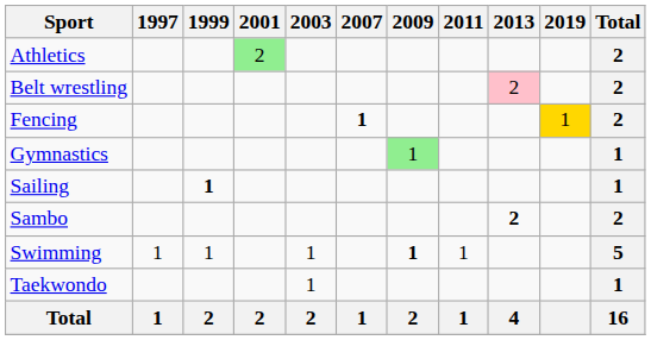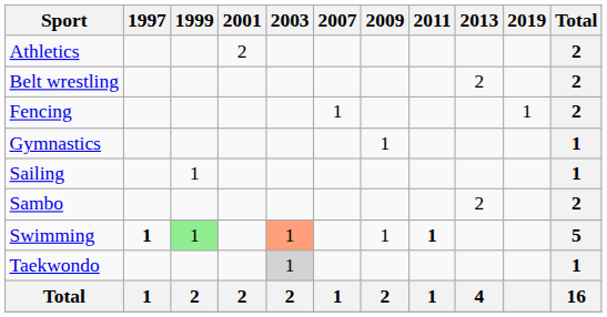 <table class="wikitable sortable">
 <tr>
 <th>Sport</th>
 <th>1997</th>
 <th>1999</th>
 <th>2001</th>
 <th>2003</th>
 <th>2007</th>
 <th>2009</th>
 <th>2011</th>
 <th>2013</th>
 <th>2019</th>
 <th>Total</th>
 </tr>
 <tr>
 <td><a href='#'>Athletics</a></td>
 <td></td>
 <td></td>
-<td align=center style="background: lightgreen;">2</td>
+<td align=center>2</td>
 <td></td>
 <td></td>
 <td></td>
 <td></td>
 <td></td>
 <td></td>
 <th>2</th>
 </tr>
 <tr>
 <td><a href='#'>Belt wrestling</a></td>
 <td></td>
 <td></td>
 <td></td>
 <td></td>
 <td></td>
 <td></td>
 <td></td>
-<td align=center style="background: pink;">2</td>
+<td align=center>2</td>
 <td></td>
 <th>2</th>
 </tr>
 <tr>
 <td><a href='#'>Fencing</a></td>
 <td></td>
 <td></td>
 <td></td>
 <td></td>
-<td align=center><strong>1</strong></td>
+<td align=center>1</td>
 <td></td>
 <td></td>
 <td></td>
-<td align=center style="background: gold;">1</td>
+<td align=center>1</td>
 <th>2</th>
 </tr>
 <tr>
 <td><a href='#'>Gymnastics</a></td>
 <td></td>
 <td></td>
 <td></td>
 <td></td>
 <td></td>
-<td align=center style="background: lightgreen;">1</td>
+<td align=center>1</td>
 <td></td>
 <td></td>
 <td></td>
 <th>1</th>
 </tr>
 <tr>
 <td><a href='#'>Sailing</a></td>
 <td></td>
-<td align=center><strong>1</strong></td>
+<td align=center>1</td>
 <td></td>
 <td></td>
 <td></td>
 <td></td>
 <td></td>
 <td></td>
 <td></td>
 <th>1</th>
 </tr>
 <tr>
 <td><a href='#'>Sambo</a></td>
 <td></td>
 <td></td>
 <td></td>
 <td></td>
 <td></td>
 <td></td>
 <td></td>
-<td align=center><strong>2</strong></td>
+<td align=center>2</td>
 <td></td>
 <th>2</th>
 </tr>
 <tr>
 <td><a href='#'>Swimming</a></td>
-<td align=center>1</td>
-<td align=center>1</td>
+<td align=center><strong>1</strong></td>
+<td align=center style="background: lightgreen;">1</td>
+<td></td>
+<td align=center style="background: lightsalmon;">1</td>
 <td></td>
 <td align=center>1</td>
-<td></td>
 <td align=center><strong>1</strong></td>
-<td align=center>1</td>
 <td></td>
 <td></td>
 <th>5</th>
 </tr>
 <tr>
 <td><a href='#'>Taekwondo</a></td>
 <td></td>
 <td></td>
 <td></td>
-<td align=center>1</td>
+<td align=center style="background: lightgrey;">1</td>
 <td></td>
 <td></td>
 <td></td>
 <td></td>
 <td></td>
 <th>1</th>
 </tr>
 <tr>
 <th>Total</th>
 <th>1</th>
 <th>2</th>
 <th>2</th>
 <th>2</th>
 <th>1</th>
 <th>2</th>
 <th>1</th>
 <th>4</th>
 <th></th>
 <th>16</th>
 </tr>
 <tr>
 </tr>
 </table>
